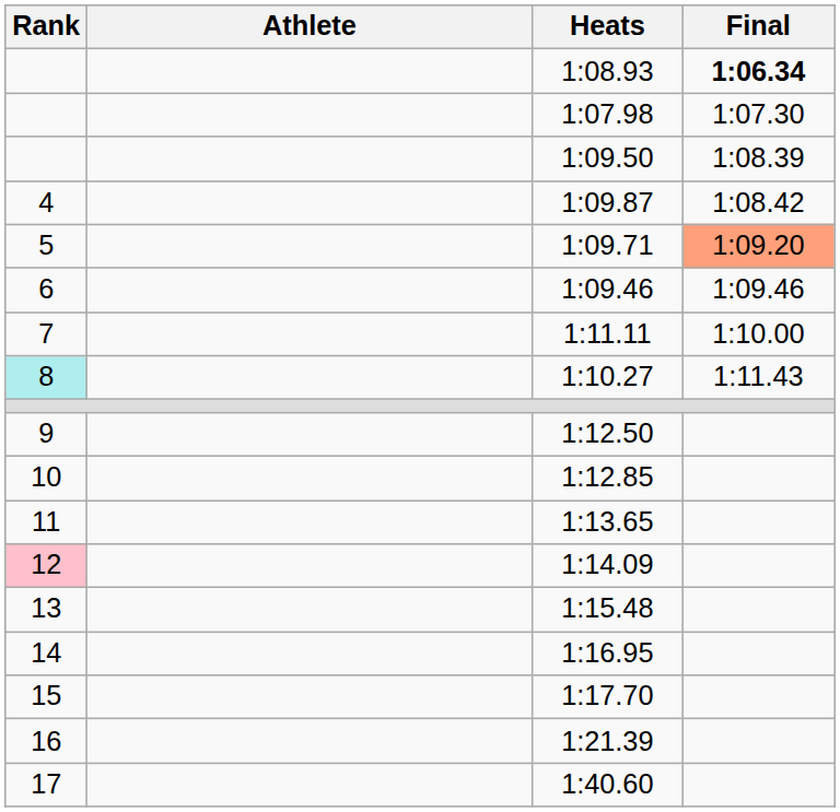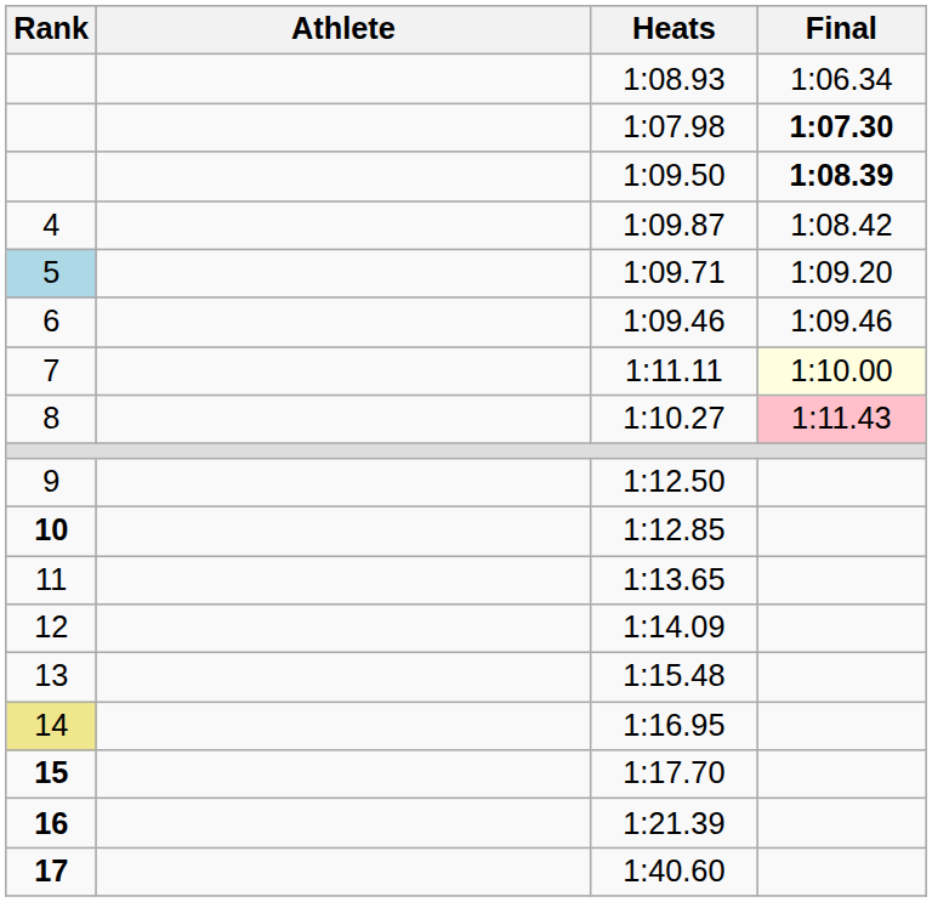 <table class=wikitable style="text-align:center">
 <tr>
 <th width=40>Rank</th>
 <th width=250>Athlete</th>
 <th width=80>Heats</th>
 <th width=80>Final</th>
 </tr>
 <tr>
 <td></td>
 <td align=left></td>
 <td>1:08.93</td>
-<td><strong>1:06.34</strong></td>
+<td>1:06.34</td>
 </tr>
 <tr>
 <td></td>
 <td align=left></td>
 <td>1:07.98</td>
-<td>1:07.30</td>
+<td><strong>1:07.30</strong></td>
 </tr>
 <tr>
 <td></td>
 <td align=left></td>
 <td>1:09.50</td>
-<td>1:08.39</td>
+<td><strong>1:08.39</strong></td>
 </tr>
 <tr>
 <td>4</td>
 <td align=left></td>
 <td>1:09.87</td>
 <td>1:08.42</td>
 </tr>
 <tr>
-<td>5</td>
+<td style="background: lightblue;">5</td>
 <td align=left></td>
 <td>1:09.71</td>
-<td style="background: lightsalmon;">1:09.20</td>
+<td>1:09.20</td>
 </tr>
 <tr>
 <td>6</td>
 <td align=left></td>
 <td>1:09.46</td>
 <td>1:09.46</td>
 </tr>
 <tr>
 <td>7</td>
 <td align=left></td>
 <td>1:11.11</td>
-<td>1:10.00</td>
+<td style="background: lightyellow;">1:10.00</td>
 </tr>
 <tr>
-<td style="background: paleturquoise;">8</td>
+<td>8</td>
 <td align=left></td>
 <td>1:10.27</td>
-<td>1:11.43</td>
+<td style="background: pink;">1:11.43</td>
 </tr>
 <tr bgcolor=#DDDDDD>
 <td colspan=4></td>
 </tr>
 <tr>
 <td>9</td>
 <td align=left></td>
 <td>1:12.50</td>
 <td></td>
 </tr>
 <tr>
-<td>10</td>
+<td><strong>10</strong></td>
 <td align=left></td>
 <td>1:12.85</td>
 <td></td>
 </tr>
 <tr>
 <td>11</td>
 <td align=left></td>
 <td>1:13.65</td>
 <td></td>
 </tr>
 <tr>
-<td style="background: pink;">12</td>
+<td>12</td>
 <td align=left></td>
 <td>1:14.09</td>
 <td></td>
 </tr>
 <tr>
 <td>13</td>
 <td align=left></td>
 <td>1:15.48</td>
 <td></td>
 </tr>
 <tr>
-<td>14</td>
+<td style="background: khaki;">14</td>
 <td align=left></td>
 <td>1:16.95</td>
 <td></td>
 </tr>
 <tr>
-<td>15</td>
+<td><strong>15</strong></td>
 <td align=left></td>
 <td>1:17.70</td>
 <td></td>
 </tr>
 <tr>
-<td>16</td>
+<td><strong>16</strong></td>
 <td align=left></td>
 <td>1:21.39</td>
 <td></td>
 </tr>
 <tr>
-<td>17</td>
+<td><strong>17</strong></td>
 <td align=left></td>
 <td>1:40.60</td>
 <td></td>
 </tr>
 </table>
